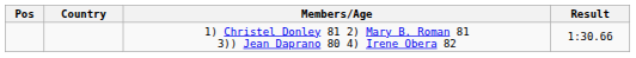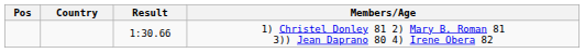 <table class="wikitable"  style="text-align:center; width:60%;">
 <tr>
 <th>Pos</th>
 <th>Country</th>
+<th>Result</th>
 <th>Members/Age</th>
-<th>Result</th>
 </tr>
 <tr>
 <td align=center></td>
 <td align=left></td>
+<td>1:30.66</td>
 <td>1) <a href='#'>Christel Donley</a> 81 2) <a href='#'>Mary B. Roman</a> 81<br>3)) <a href='#'>Jean Daprano</a> 80 4) <a href='#'>Irene Obera</a> 82</td>
-<td>1:30.66</td>
 </tr>
 </table>
